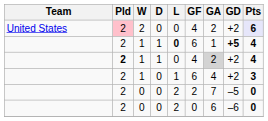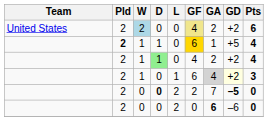 <table class="wikitable" style="text-align: center;">
 <tr>
 <th width=165>Team</th>
 <th width=20>Pld</th>
 <th width=20>W</th>
 <th width=20>D</th>
 <th width=20>L</th>
 <th width=20>GF</th>
 <th width=20>GA</th>
 <th width=20>GD</th>
 <th width=20>Pts</th>
 </tr>
 <tr>
 <td align=left> <a href='#'>United States</a></td>
-<td style="background: pink;">2</td>
 <td>2</td>
+<td style="background: lightblue;">2</td>
 <td>0</td>
 <td>0</td>
-<td>4</td>
+<td style="background: khaki;">4</td>
 <td>2</td>
 <td>+2</td>
-<td style="background: lavender;"><strong>6</strong></td>
-</tr>
-<tr>
-<td align=left></td>
-<td>2</td>
-<td>1</td>
-<td>1</td>
-<td><strong>0</strong></td>
-<td>6</td>
-<td>1</td>
-<td><strong>+5</strong></td>
-<td><strong>4</strong></td>
+<td><strong>6</strong></td>
 </tr>
 <tr>
 <td align=left></td>
 <td><strong>2</strong></td>
 <td>1</td>
 <td>1</td>
 <td>0</td>
+<td style="background: gold;">6</td>
+<td>1</td>
+<td>+5</td>
+<td><strong>4</strong></td>
+</tr>
+<tr>
+<td align=left></td>
+<td>2</td>
+<td>1</td>
+<td style="background: lightgreen;">1</td>
+<td>0</td>
 <td>4</td>
-<td style="background: lightgrey;">2</td>
+<td>2</td>
 <td>+2</td>
 <td><strong>4</strong></td>
 </tr>
 <tr>
 <td align=left></td>
 <td>2</td>
 <td>1</td>
 <td>0</td>
 <td>1</td>
 <td>6</td>
-<td>4</td>
-<td>+2</td>
+<td style="background: lightgrey;">4</td>
+<td style="background: lightyellow;">+2</td>
 <td><strong>3</strong></td>
 </tr>
 <tr>
 <td align=left></td>
 <td>2</td>
 <td>0</td>
-<td>0</td>
+<td><strong>0</strong></td>
 <td>2</td>
 <td>2</td>
 <td>7</td>
-<td>–5</td>
+<td><strong>–5</strong></td>
 <td><strong>0</strong></td>
 </tr>
 <tr>
 <td align=left></td>
 <td>2</td>
 <td>0</td>
 <td>0</td>
 <td>2</td>
 <td>0</td>
-<td>6</td>
+<td><strong>6</strong></td>
 <td>–6</td>
 <td><strong>0</strong></td>
 </tr>
 <tr>
 </tr>
 </table>
